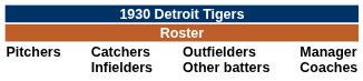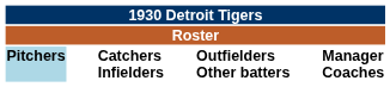 <table class="toccolours" style="font-size: 95%;">
 <tr>
 <th colspan="10" style="background-color: #003366; color: white; text-align: center;">1930 Detroit Tigers</th>
 </tr>
 <tr>
 <td colspan="10" style="background-color: #bd5d29; color: white; text-align: center;"><strong>Roster</strong></td>
 </tr>
 <tr>
-<td valign="top"><strong>Pitchers</strong><br>            </td>
+<td valign="top" style="background: lightblue;"><strong>Pitchers</strong><br>            </td>
 <td width="25px"></td>
 <td valign="top"><strong>Catchers</strong><br>     <strong>Infielders</strong>         </td>
 <td width="25px"></td>
 <td valign="top"><strong>Outfielders</strong><br>        <strong>Other batters</strong> </td>
 <td width="25px"></td>
 <td valign="top"><strong>Manager</strong><br> <strong>Coaches</strong>  </td>
 </tr>
 </table>
